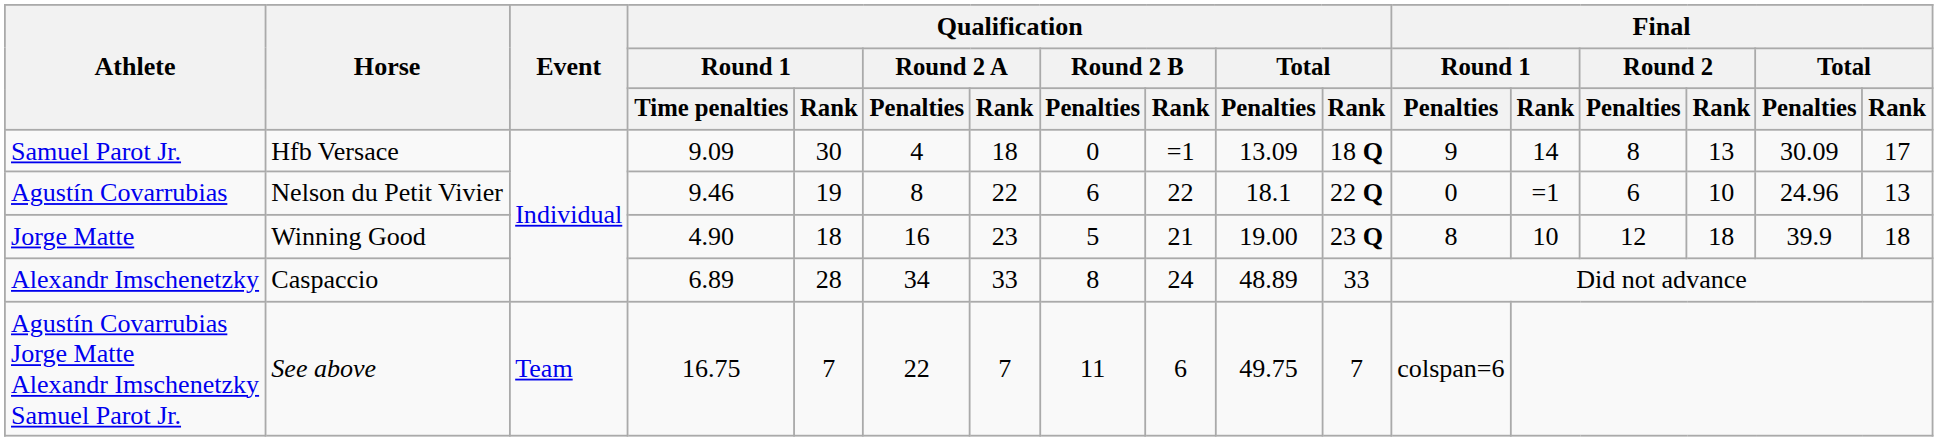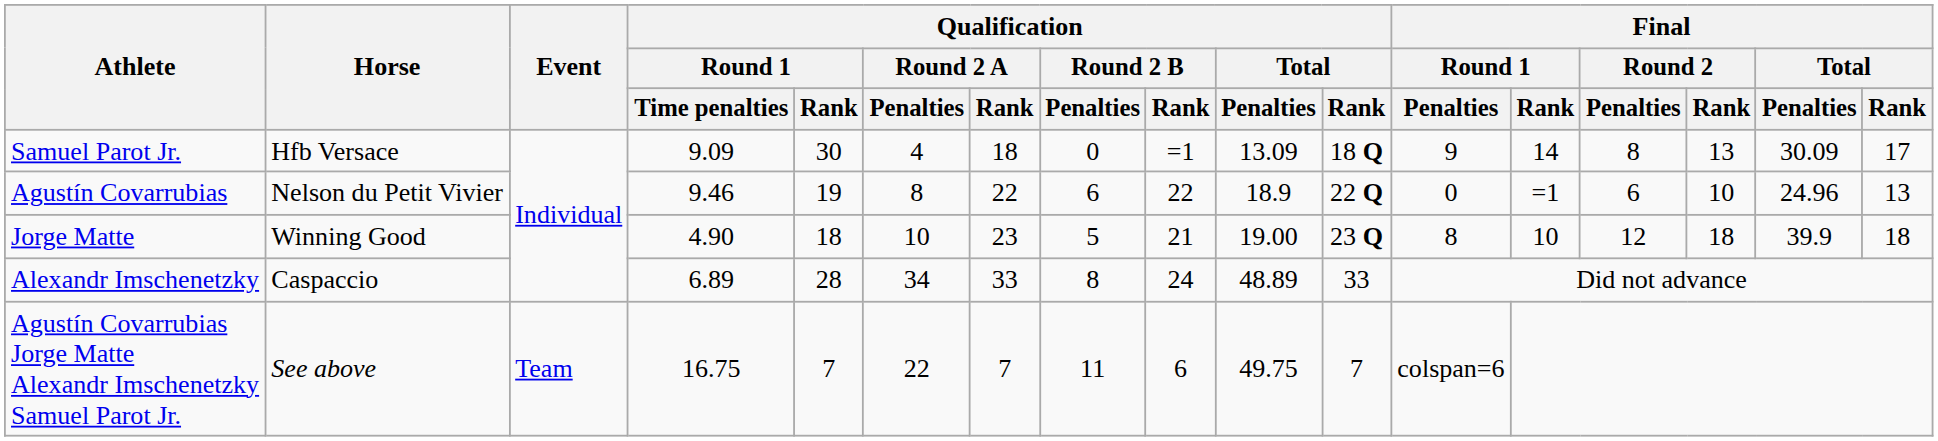 <table class=wikitable style=font-size:90%;text-align:center>
 <tr>
 <th rowspan=3>Athlete</th>
 <th rowspan=3>Horse</th>
 <th rowspan=3>Event</th>
 <th colspan=8>Qualification</th>
 <th colspan=6>Final</th>
 </tr>
 <tr style=font-size:95%>
 <th colspan=2>Round 1</th>
 <th colspan=2>Round 2 A</th>
 <th colspan=2>Round 2 B</th>
 <th colspan=2>Total</th>
 <th colspan=2>Round 1</th>
 <th colspan=2>Round 2</th>
 <th colspan=2>Total</th>
 </tr>
 <tr style=font-size:95%>
 <th>Time penalties</th>
 <th>Rank</th>
 <th>Penalties</th>
 <th>Rank</th>
 <th>Penalties</th>
 <th>Rank</th>
 <th>Penalties</th>
 <th>Rank</th>
 <th>Penalties</th>
 <th>Rank</th>
 <th>Penalties</th>
 <th>Rank</th>
 <th>Penalties</th>
 <th>Rank</th>
 </tr>
 <tr>
 <td style="text-align:left"><a href='#'>Samuel Parot Jr.</a></td>
 <td style="text-align:left">Hfb Versace</td>
 <td style="text-align:left" rowspan=4><a href='#'>Individual</a></td>
 <td>9.09</td>
 <td>30</td>
 <td>4</td>
 <td>18</td>
 <td>0</td>
 <td>=1</td>
 <td>13.09</td>
 <td>18 <strong>Q</strong></td>
 <td>9</td>
 <td>14</td>
 <td>8</td>
 <td>13</td>
 <td>30.09</td>
 <td>17</td>
 </tr>
 <tr>
 <td style="text-align:left"><a href='#'>Agustín Covarrubias</a></td>
 <td style="text-align:left">Nelson du Petit Vivier</td>
 <td>9.46</td>
 <td>19</td>
 <td>8</td>
 <td>22</td>
 <td>6</td>
 <td>22</td>
-<td>18.1</td>
+<td>18.9</td>
 <td>22 <strong>Q</strong></td>
 <td>0</td>
 <td>=1</td>
 <td>6</td>
 <td>10</td>
 <td>24.96</td>
 <td>13</td>
 </tr>
 <tr>
 <td style="text-align:left"><a href='#'>Jorge Matte</a></td>
 <td style="text-align:left">Winning Good</td>
 <td>4.90</td>
 <td>18</td>
-<td>16</td>
+<td>10</td>
 <td>23</td>
 <td>5</td>
 <td>21</td>
 <td>19.00</td>
 <td>23 <strong>Q</strong></td>
 <td>8</td>
 <td>10</td>
 <td>12</td>
 <td>18</td>
 <td>39.9</td>
 <td>18</td>
 </tr>
 <tr>
 <td style="text-align:left"><a href='#'>Alexandr Imschenetzky</a></td>
 <td style="text-align:left">Caspaccio</td>
 <td>6.89</td>
 <td>28</td>
 <td>34</td>
 <td>33</td>
 <td>8</td>
 <td>24</td>
 <td>48.89</td>
 <td>33</td>
 <td colspan="6">Did not advance</td>
 </tr>
 <tr>
 <td style="text-align:left"><a href='#'>Agustín Covarrubias</a><br><a href='#'>Jorge Matte</a><br><a href='#'>Alexandr Imschenetzky</a><br><a href='#'>Samuel Parot Jr.</a></td>
 <td style="text-align:left"><em>See above</em></td>
 <td style="text-align:left"><a href='#'>Team</a></td>
 <td>16.75</td>
 <td>7</td>
 <td>22</td>
 <td>7</td>
 <td>11</td>
 <td>6</td>
 <td>49.75</td>
 <td>7</td>
 <td>colspan=6 </td>
 </tr>
 </table>
